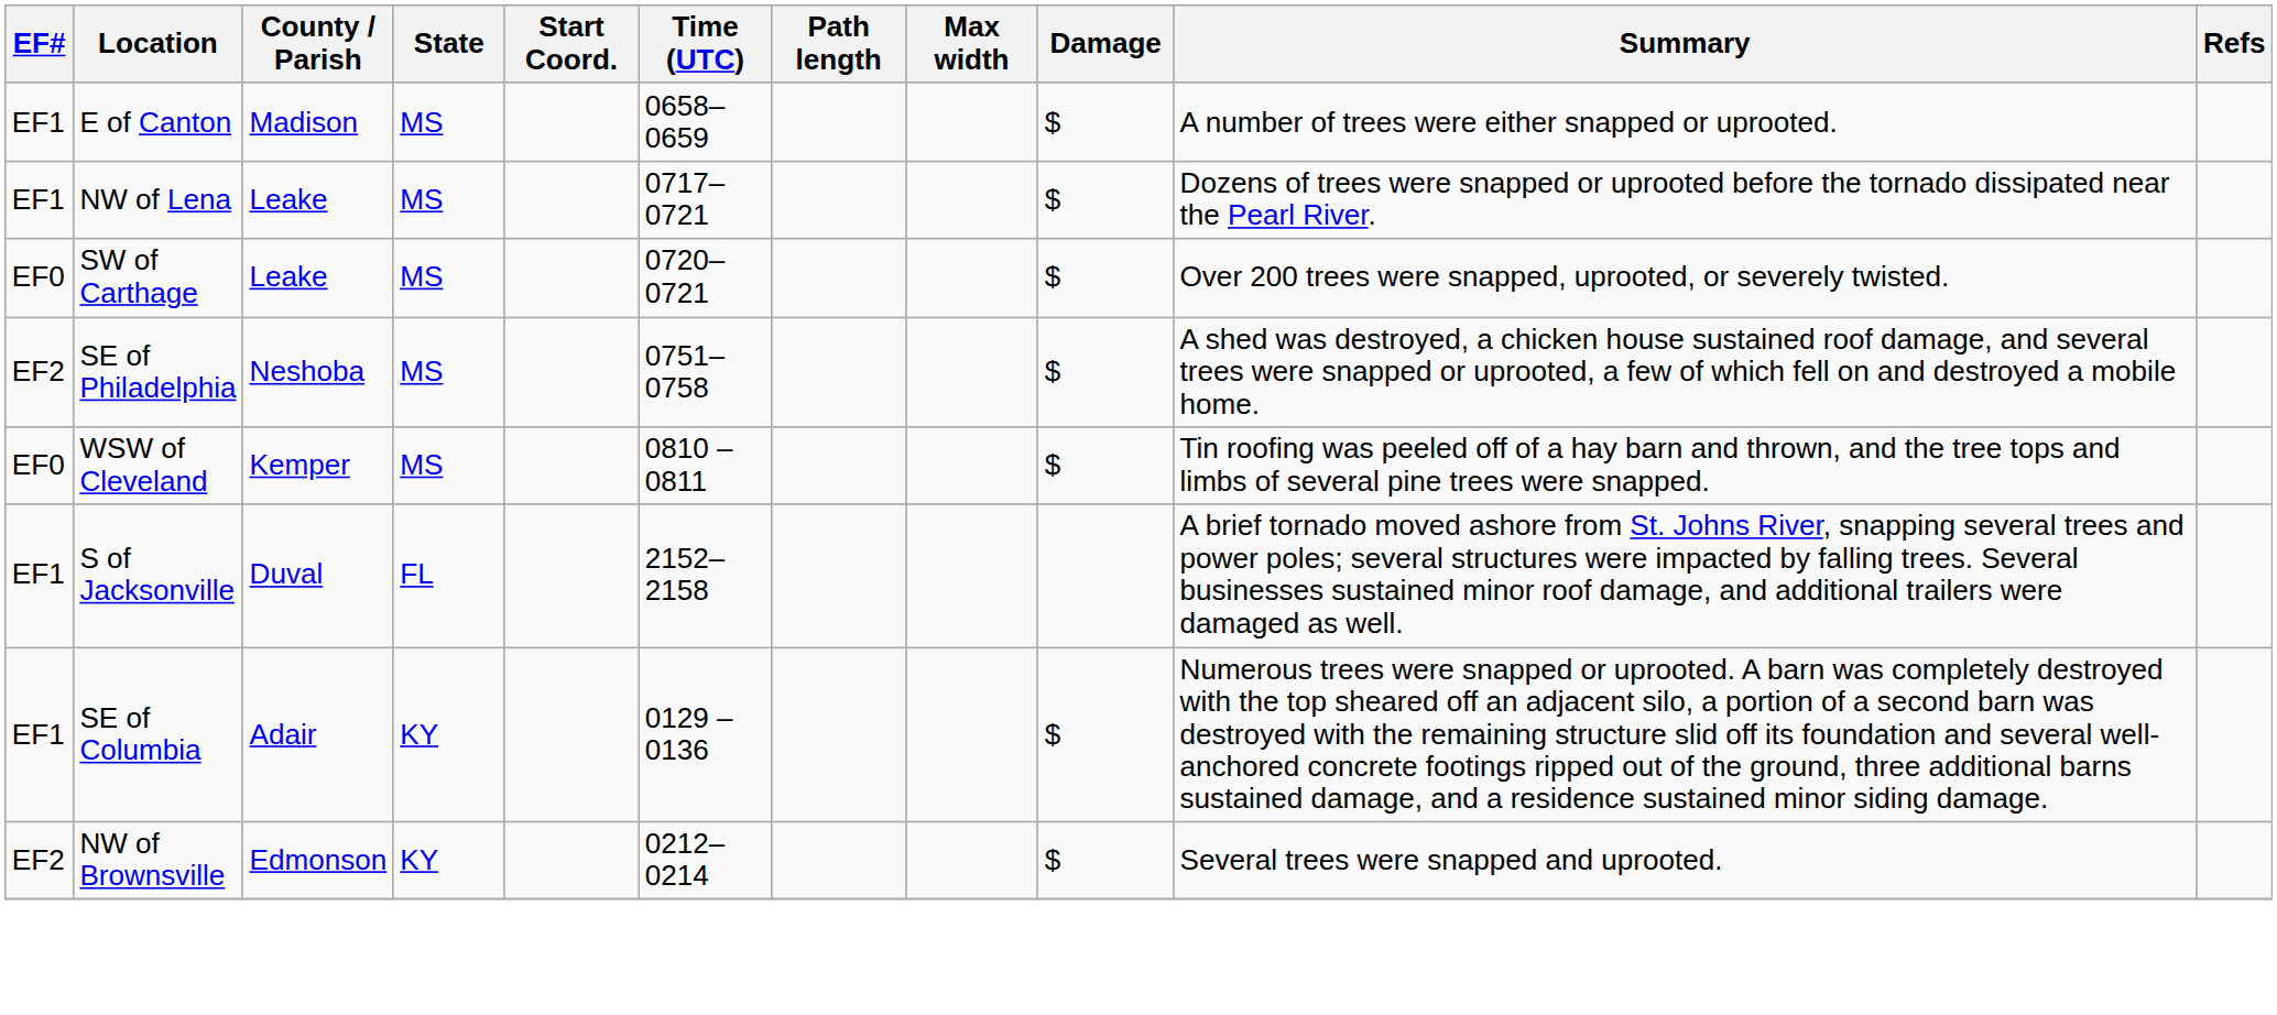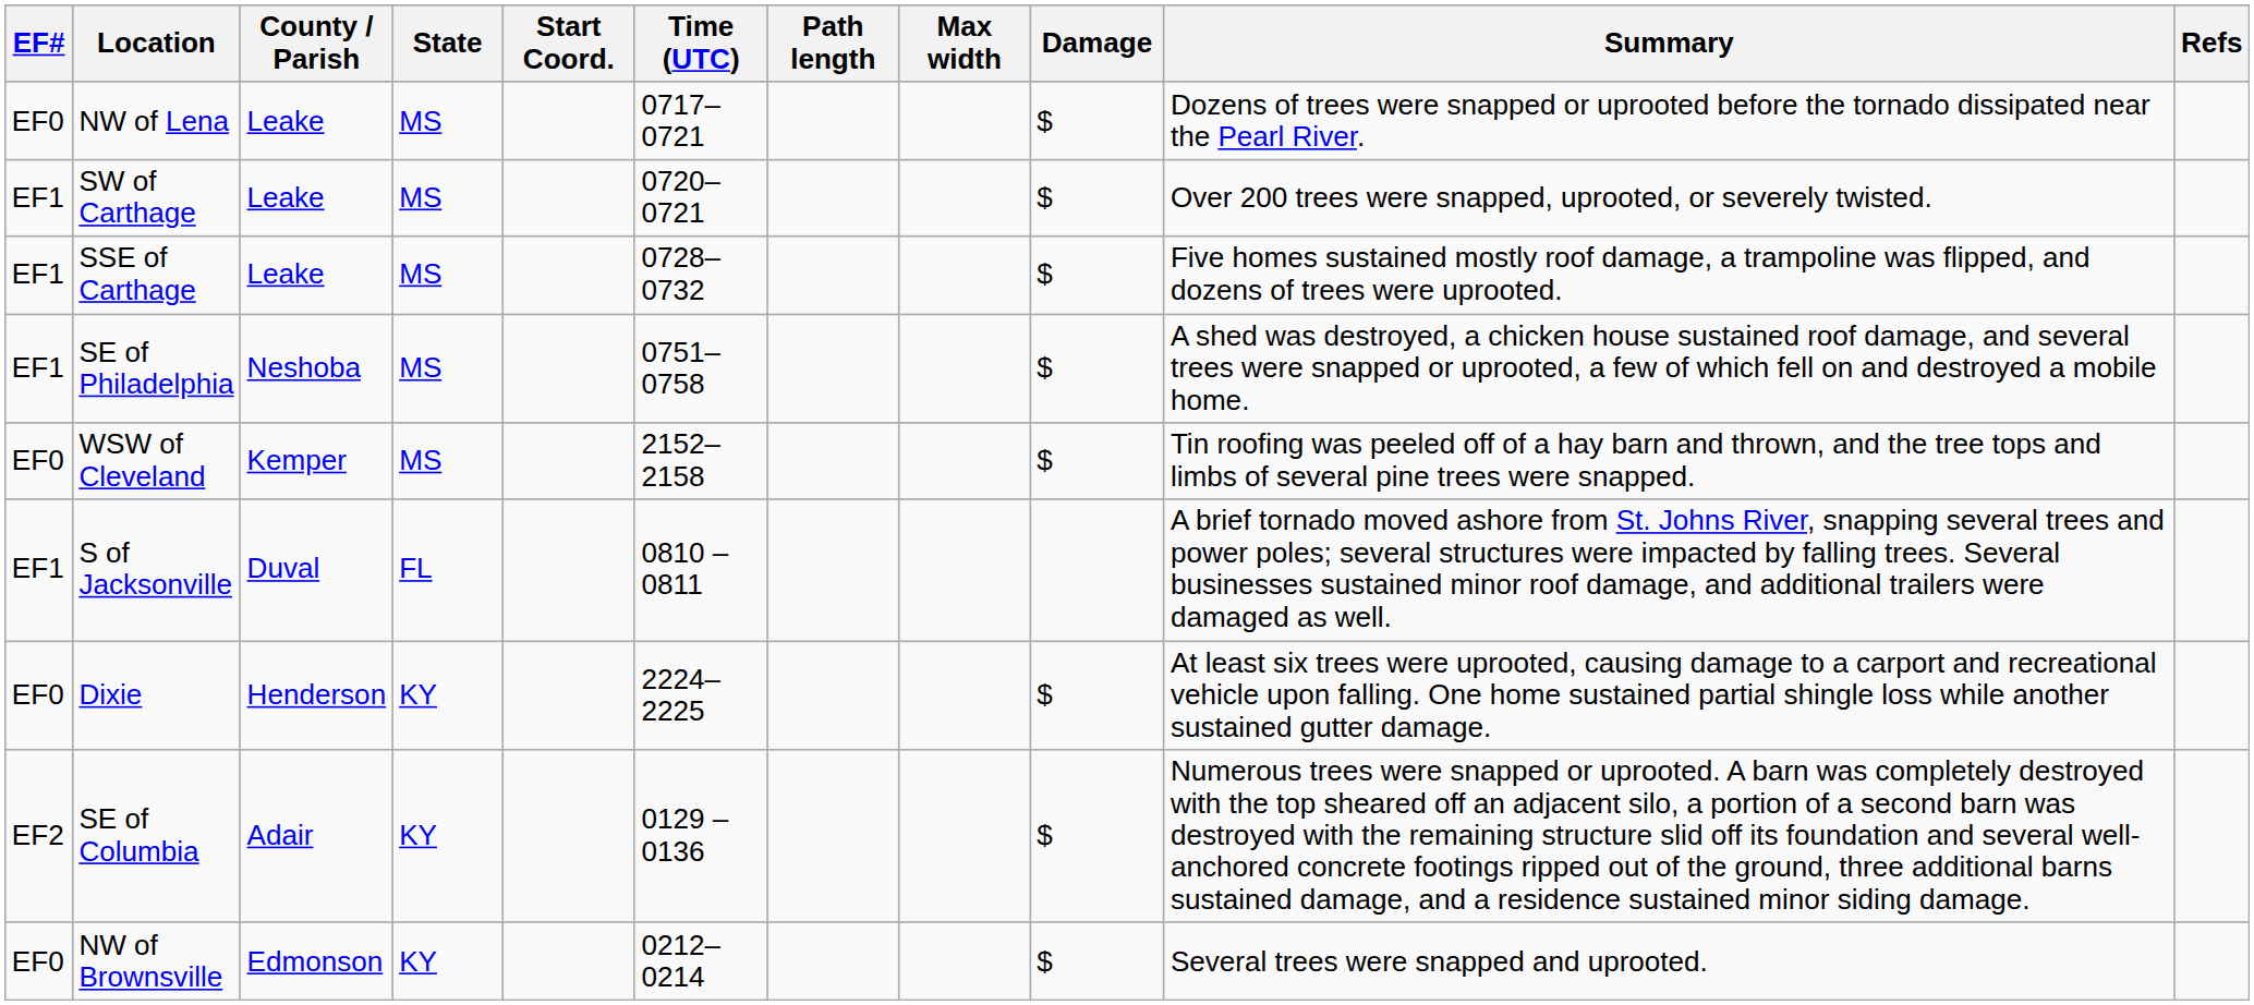 <table class="wikitable sortable" style="width:100%;">
 <tr>
 <th scope="col" width="3%" align="center"><a href='#'>EF#</a></th>
 <th scope="col" width="7%" align="center" class="unsortable">Location</th>
 <th scope="col" width="6%" align="center" class="unsortable">County / Parish</th>
 <th scope="col" width="5%" align="center">State</th>
 <th scope="col" width="6%" align="center">Start Coord.</th>
 <th scope="col" width="6%" align="center">Time (<a href='#'>UTC</a>)</th>
 <th scope="col" width="6%" align="center">Path length</th>
 <th scope="col" width="6%" align="center">Max width</th>
 <th scope="col" width="6%" align="center">Damage</th>
 <th scope="col" width="48%" class="unsortable" align="center">Summary</th>
 <th scope="col" width="48%" class="unsortable" align="center">Refs</th>
 </tr>
 <tr>
-<td>EF1</td>
-<td>E of <a href='#'>Canton</a></td>
-<td><a href='#'>Madison</a></td>
-<td><a href='#'>MS</a></td>
-<td></td>
-<td>0658–0659</td>
-<td></td>
-<td></td>
-<td>$</td>
-<td>A number of trees were either snapped or uprooted.</td>
-<td></td>
-</tr>
-<tr>
-<td>EF1</td>
+<td>EF0</td>
 <td>NW of <a href='#'>Lena</a></td>
 <td><a href='#'>Leake</a></td>
 <td><a href='#'>MS</a></td>
 <td></td>
 <td>0717–0721</td>
 <td></td>
 <td></td>
 <td>$</td>
 <td>Dozens of trees were snapped or uprooted before the tornado dissipated near the <a href='#'>Pearl River</a>.</td>
 <td></td>
 </tr>
 <tr>
-<td>EF0</td>
+<td>EF1</td>
 <td>SW of <a href='#'>Carthage</a></td>
 <td><a href='#'>Leake</a></td>
 <td><a href='#'>MS</a></td>
 <td></td>
 <td>0720–0721</td>
 <td></td>
 <td></td>
 <td>$</td>
 <td>Over 200 trees were snapped, uprooted, or severely twisted.</td>
 <td></td>
 </tr>
 <tr>
-<td>EF2</td>
+<td>EF1</td>
+<td>SSE of <a href='#'>Carthage</a></td>
+<td><a href='#'>Leake</a></td>
+<td><a href='#'>MS</a></td>
+<td></td>
+<td>0728–0732</td>
+<td></td>
+<td></td>
+<td>$</td>
+<td>Five homes sustained mostly roof damage, a trampoline was flipped, and dozens of trees were uprooted.</td>
+<td></td>
+</tr>
+<tr>
+<td>EF1</td>
 <td>SE of <a href='#'>Philadelphia</a></td>
 <td><a href='#'>Neshoba</a></td>
 <td><a href='#'>MS</a></td>
 <td></td>
 <td>0751–0758</td>
 <td></td>
 <td></td>
 <td>$</td>
 <td>A shed was destroyed, a chicken house sustained roof damage, and several trees were snapped or uprooted, a few of which fell on and destroyed a mobile home.</td>
 <td></td>
 </tr>
 <tr>
 <td>EF0</td>
 <td>WSW of <a href='#'>Cleveland</a></td>
 <td><a href='#'>Kemper</a></td>
 <td><a href='#'>MS</a></td>
 <td></td>
-<td>0810 – 0811</td>
+<td>2152–2158</td>
 <td></td>
 <td></td>
 <td>$</td>
 <td>Tin roofing was peeled off of a hay barn and thrown, and the tree tops and limbs of several pine trees were snapped.</td>
 <td></td>
 </tr>
 <tr>
 <td>EF1</td>
 <td>S of <a href='#'>Jacksonville</a></td>
 <td><a href='#'>Duval</a></td>
 <td><a href='#'>FL</a></td>
 <td></td>
-<td>2152–2158</td>
+<td>0810 – 0811</td>
 <td></td>
 <td></td>
 <td></td>
 <td>A brief tornado moved ashore from <a href='#'>St. Johns River</a>, snapping several trees and power poles; several structures were impacted by falling trees. Several businesses sustained minor roof damage, and additional trailers were damaged as well.</td>
 <td></td>
 </tr>
 <tr>
-<td>EF1</td>
+<td>EF0</td>
+<td><a href='#'>Dixie</a></td>
+<td><a href='#'>Henderson</a></td>
+<td><a href='#'>KY</a></td>
+<td></td>
+<td>2224–2225</td>
+<td></td>
+<td></td>
+<td>$</td>
+<td>At least six trees were uprooted, causing damage to a carport and recreational vehicle upon falling. One home sustained partial shingle loss while another sustained gutter damage.</td>
+<td></td>
+</tr>
+<tr>
+<td>EF2</td>
 <td>SE of <a href='#'>Columbia</a></td>
 <td><a href='#'>Adair</a></td>
 <td><a href='#'>KY</a></td>
 <td></td>
 <td>0129 – 0136</td>
 <td></td>
 <td></td>
 <td>$</td>
 <td>Numerous trees were snapped or uprooted. A barn was completely destroyed with the top sheared off an adjacent silo, a portion of a second barn was destroyed with the remaining structure slid  off its foundation and several well-anchored concrete footings ripped out of the ground, three additional barns sustained damage, and a residence sustained minor siding damage.</td>
 <td></td>
 </tr>
 <tr>
-<td>EF2</td>
+<td>EF0</td>
 <td>NW of <a href='#'>Brownsville</a></td>
 <td><a href='#'>Edmonson</a></td>
 <td><a href='#'>KY</a></td>
 <td></td>
 <td>0212–0214</td>
 <td></td>
 <td></td>
 <td>$</td>
 <td>Several trees were snapped and uprooted.</td>
 <td></td>
 </tr>
 <tr>
 </tr>
 </table>
